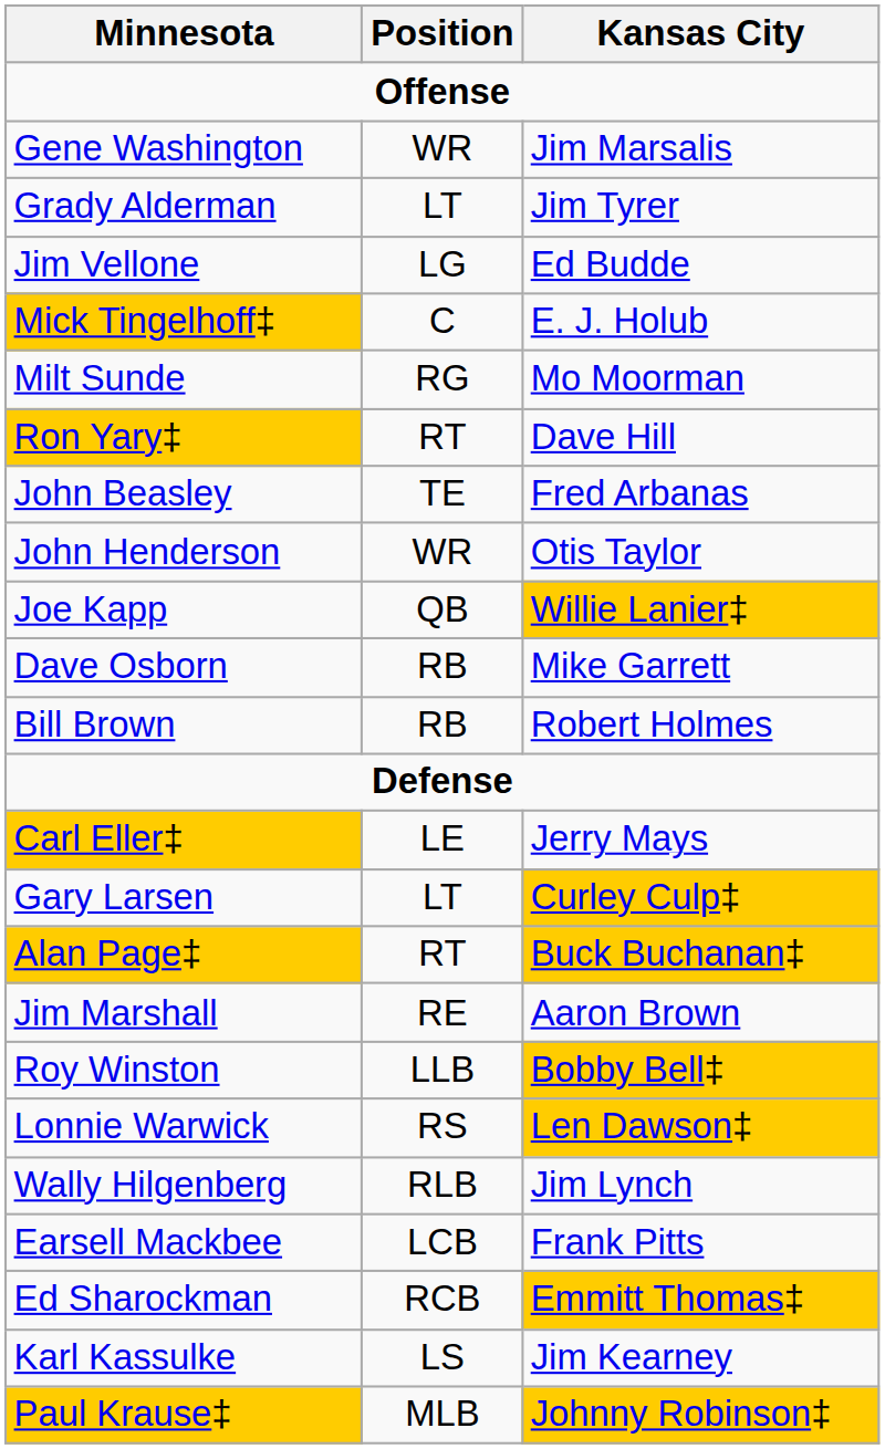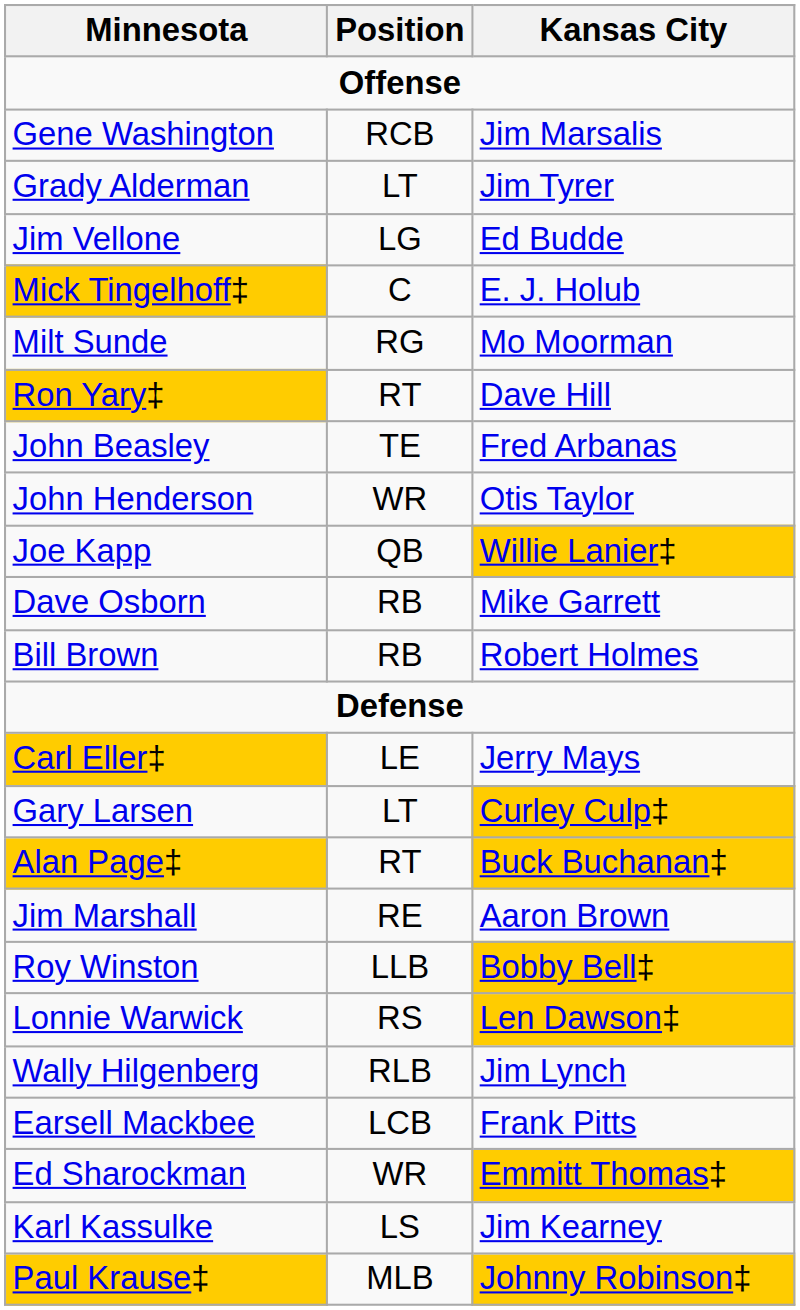 <table class="wikitable">
 <tr>
 <th width="150px">Minnesota</th>
 <th>Position</th>
 <th width="150px">Kansas City</th>
 </tr>
 <tr>
 <td colspan="3" style="text-align:center;"><strong>Offense</strong></td>
 </tr>
 <tr>
 <td><a href='#'>Gene Washington</a></td>
-<td style="text-align:center;">WR</td>
+<td style="text-align:center;">RCB</td>
 <td><a href='#'>Jim Marsalis</a></td>
 </tr>
 <tr>
 <td><a href='#'>Grady Alderman</a></td>
 <td style="text-align:center;">LT</td>
 <td><a href='#'>Jim Tyrer</a></td>
 </tr>
 <tr>
 <td><a href='#'>Jim Vellone</a></td>
 <td style="text-align:center;">LG</td>
 <td><a href='#'>Ed Budde</a></td>
 </tr>
 <tr>
 <td bgcolor="#FFCC00"><a href='#'>Mick Tingelhoff</a>‡</td>
 <td style="text-align:center;">C</td>
 <td><a href='#'>E. J. Holub</a></td>
 </tr>
 <tr>
 <td><a href='#'>Milt Sunde</a></td>
 <td style="text-align:center;">RG</td>
 <td><a href='#'>Mo Moorman</a></td>
 </tr>
 <tr>
 <td bgcolor="#FFCC00"><a href='#'>Ron Yary</a>‡</td>
 <td style="text-align:center;">RT</td>
 <td><a href='#'>Dave Hill</a></td>
 </tr>
 <tr>
 <td><a href='#'>John Beasley</a></td>
 <td style="text-align:center;">TE</td>
 <td><a href='#'>Fred Arbanas</a></td>
 </tr>
 <tr>
 <td><a href='#'>John Henderson</a></td>
 <td style="text-align:center;">WR</td>
 <td><a href='#'>Otis Taylor</a></td>
 </tr>
 <tr>
 <td><a href='#'>Joe Kapp</a></td>
 <td style="text-align:center;">QB</td>
 <td bgcolor="#FFCC00"><a href='#'>Willie Lanier</a>‡</td>
 </tr>
 <tr>
 <td><a href='#'>Dave Osborn</a></td>
 <td style="text-align:center;">RB</td>
 <td><a href='#'>Mike Garrett</a></td>
 </tr>
 <tr>
 <td><a href='#'>Bill Brown</a></td>
 <td style="text-align:center;">RB</td>
 <td><a href='#'>Robert Holmes</a></td>
 </tr>
 <tr>
 <td colspan="3" style="text-align:center;"><strong>Defense</strong></td>
 </tr>
 <tr>
 <td bgcolor="#FFCC00"><a href='#'>Carl Eller</a>‡</td>
 <td style="text-align:center;">LE</td>
 <td><a href='#'>Jerry Mays</a></td>
 </tr>
 <tr>
 <td><a href='#'>Gary Larsen</a></td>
 <td style="text-align:center;">LT</td>
 <td bgcolor="#FFCC00"><a href='#'>Curley Culp</a>‡</td>
 </tr>
 <tr>
 <td bgcolor="#FFCC00"><a href='#'>Alan Page</a>‡</td>
 <td style="text-align:center;">RT</td>
 <td bgcolor="#FFCC00"><a href='#'>Buck Buchanan</a>‡</td>
 </tr>
 <tr>
 <td><a href='#'>Jim Marshall</a></td>
 <td style="text-align:center;">RE</td>
 <td><a href='#'>Aaron Brown</a></td>
 </tr>
 <tr>
 <td><a href='#'>Roy Winston</a></td>
 <td style="text-align:center;">LLB</td>
 <td bgcolor="#FFCC00"><a href='#'>Bobby Bell</a>‡</td>
 </tr>
 <tr>
 <td><a href='#'>Lonnie Warwick</a></td>
 <td style="text-align:center;">RS</td>
 <td bgcolor="#FFCC00"><a href='#'>Len Dawson</a>‡</td>
 </tr>
 <tr>
 <td><a href='#'>Wally Hilgenberg</a></td>
 <td style="text-align:center;">RLB</td>
 <td><a href='#'>Jim Lynch</a></td>
 </tr>
 <tr>
 <td><a href='#'>Earsell Mackbee</a></td>
 <td style="text-align:center;">LCB</td>
 <td><a href='#'>Frank Pitts</a></td>
 </tr>
 <tr>
 <td><a href='#'>Ed Sharockman</a></td>
-<td style="text-align:center;">RCB</td>
+<td style="text-align:center;">WR</td>
 <td bgcolor="#FFCC00"><a href='#'>Emmitt Thomas</a>‡</td>
 </tr>
 <tr>
 <td><a href='#'>Karl Kassulke</a></td>
 <td style="text-align:center;">LS</td>
 <td><a href='#'>Jim Kearney</a></td>
 </tr>
 <tr>
 <td bgcolor="#FFCC00"><a href='#'>Paul Krause</a>‡</td>
 <td style="text-align:center;">MLB</td>
 <td bgcolor="#ffcc00"><a href='#'>Johnny Robinson</a>‡</td>
 </tr>
 </table>
